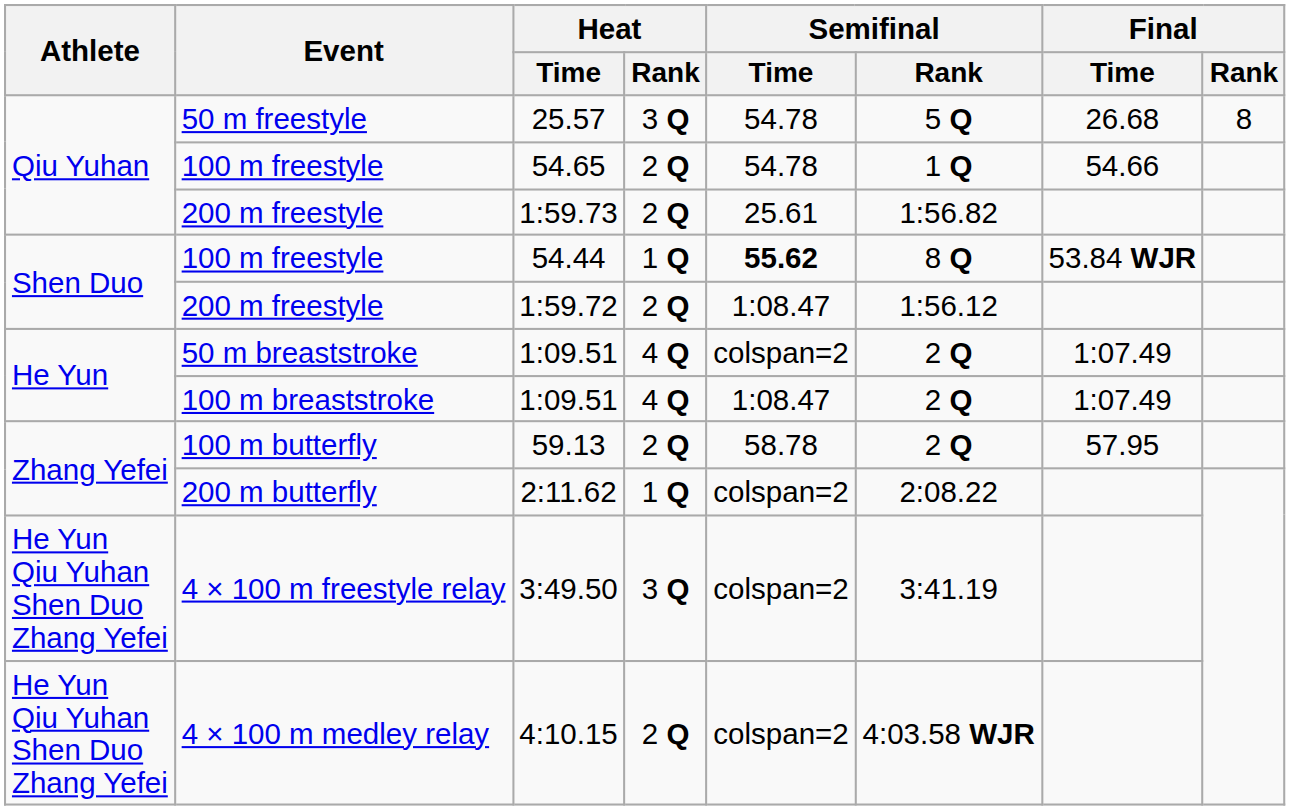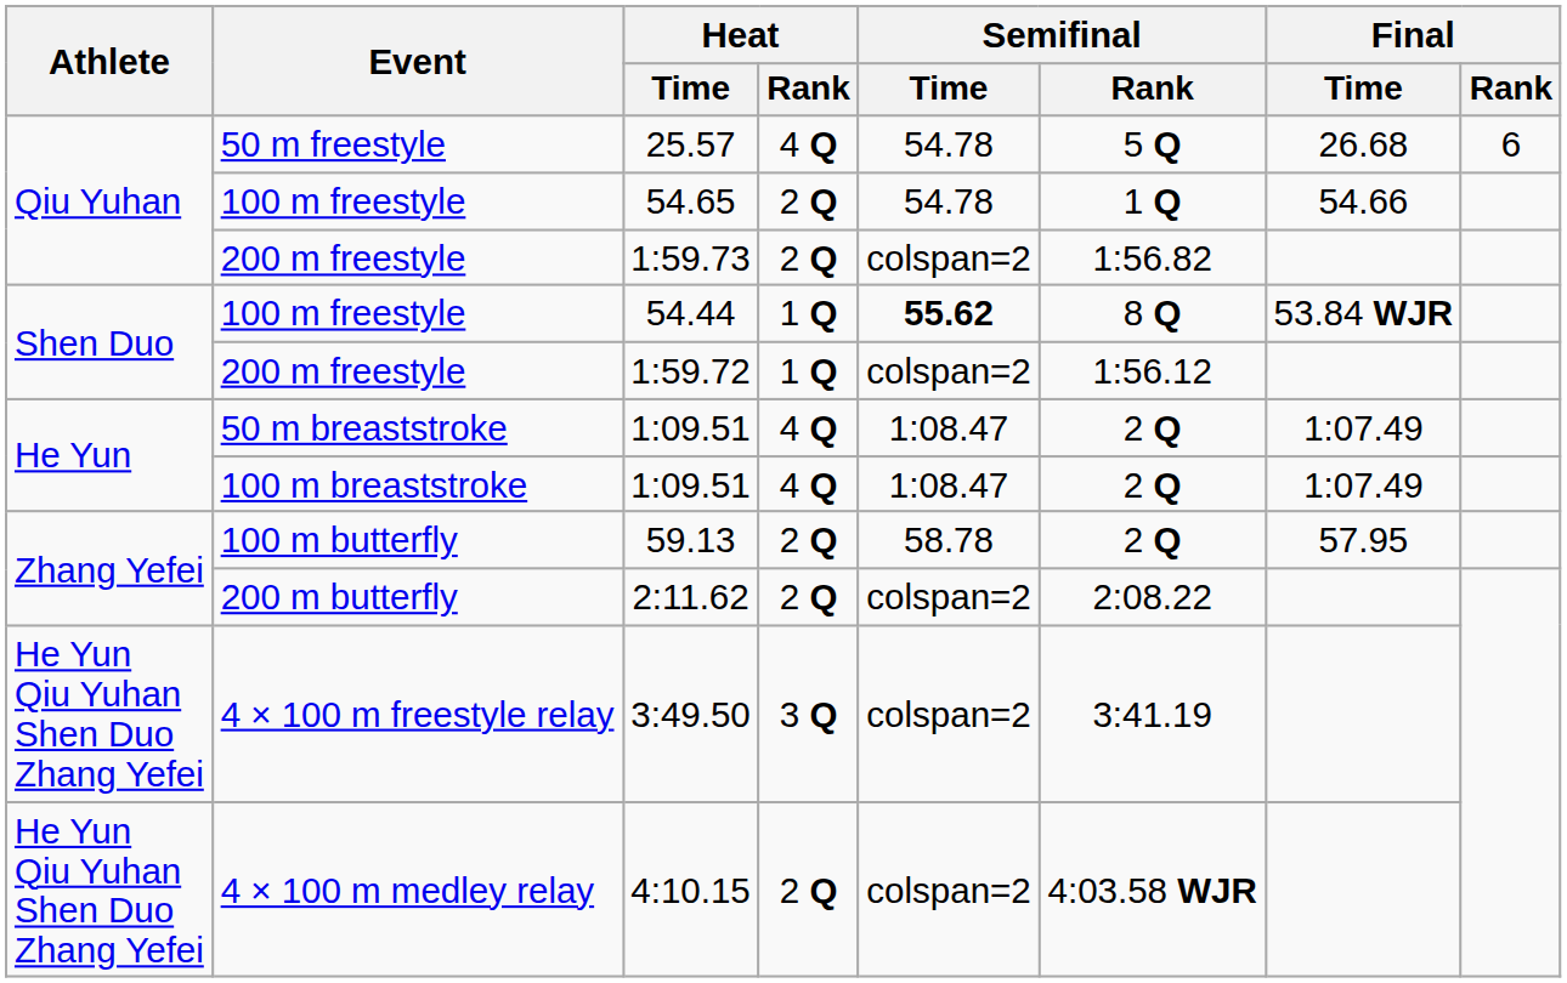 <table class=wikitable style="font-size:90%">
 <tr>
 <th rowspan=2>Athlete</th>
 <th rowspan=2>Event</th>
 <th colspan="2">Heat</th>
 <th colspan="2">Semifinal</th>
 <th colspan="2">Final</th>
 </tr>
 <tr style="font-size:95%">
 <th>Time</th>
 <th>Rank</th>
 <th>Time</th>
 <th>Rank</th>
 <th>Time</th>
 <th>Rank</th>
 </tr>
 <tr align=center>
 <td align=left rowspan=3><a href='#'>Qiu Yuhan</a></td>
 <td align=left><a href='#'>50 m freestyle</a></td>
 <td>25.57</td>
-<td>3 <strong>Q</strong></td>
+<td>4 <strong>Q</strong></td>
 <td>54.78</td>
 <td>5 <strong>Q</strong></td>
 <td>26.68</td>
-<td>8</td>
+<td>6</td>
 </tr>
 <tr align=center>
 <td align=left><a href='#'>100 m freestyle</a></td>
 <td>54.65</td>
 <td>2 <strong>Q</strong></td>
 <td>54.78</td>
 <td>1 <strong>Q</strong></td>
 <td>54.66</td>
 <td></td>
 </tr>
 <tr align=center>
 <td align=left><a href='#'>200 m freestyle</a></td>
 <td>1:59.73</td>
 <td>2 <strong>Q</strong></td>
-<td>25.61</td>
+<td>colspan=2 </td>
 <td>1:56.82</td>
 <td></td>
 </tr>
 <tr align=center>
 <td align=left rowspan=2><a href='#'>Shen Duo</a></td>
 <td align=left><a href='#'>100 m freestyle</a></td>
 <td>54.44</td>
 <td>1 <strong>Q</strong></td>
 <td><strong>55.62</strong></td>
 <td>8 <strong>Q</strong></td>
 <td>53.84 <strong>WJR</strong></td>
 <td></td>
 </tr>
 <tr align=center>
 <td align=left><a href='#'>200 m freestyle</a></td>
 <td>1:59.72</td>
-<td>2 <strong>Q</strong></td>
-<td>1:08.47</td>
+<td>1 <strong>Q</strong></td>
+<td>colspan=2 </td>
 <td>1:56.12</td>
 <td></td>
 </tr>
 <tr align=center>
 <td align=left rowspan=2><a href='#'>He Yun</a></td>
 <td align=left><a href='#'>50 m breaststroke</a></td>
 <td>1:09.51</td>
 <td>4 <strong>Q</strong></td>
-<td>colspan=2 </td>
+<td>1:08.47</td>
 <td>2 <strong>Q</strong></td>
 <td>1:07.49</td>
 <td></td>
 </tr>
 <tr align=center>
 <td align=left><a href='#'>100 m breaststroke</a></td>
 <td>1:09.51</td>
 <td>4 <strong>Q</strong></td>
 <td>1:08.47</td>
 <td>2 <strong>Q</strong></td>
 <td>1:07.49</td>
 <td></td>
 </tr>
 <tr align=center>
 <td align=left rowspan=2><a href='#'>Zhang Yefei</a></td>
 <td align=left><a href='#'>100 m butterfly</a></td>
 <td>59.13</td>
 <td>2 <strong>Q</strong></td>
 <td>58.78</td>
 <td>2 <strong>Q</strong></td>
 <td>57.95</td>
 <td></td>
 </tr>
 <tr align=center>
 <td align=left><a href='#'>200 m butterfly</a></td>
 <td>2:11.62</td>
-<td>1 <strong>Q</strong></td>
+<td>2 <strong>Q</strong></td>
 <td>colspan=2 </td>
 <td>2:08.22</td>
 <td></td>
 </tr>
 <tr align=center>
 <td align=left><a href='#'>He Yun</a><br><a href='#'>Qiu Yuhan</a><br><a href='#'>Shen Duo</a><br><a href='#'>Zhang Yefei</a></td>
 <td align=left><a href='#'>4 × 100 m freestyle relay</a></td>
 <td>3:49.50</td>
 <td>3 <strong>Q</strong></td>
 <td>colspan=2 </td>
 <td>3:41.19</td>
 <td></td>
 </tr>
 <tr align=center>
 <td align=left><a href='#'>He Yun</a><br><a href='#'>Qiu Yuhan</a><br><a href='#'>Shen Duo</a><br><a href='#'>Zhang Yefei</a></td>
 <td align=left><a href='#'>4 × 100 m medley relay</a></td>
 <td>4:10.15</td>
 <td>2 <strong>Q</strong></td>
 <td>colspan=2 </td>
 <td>4:03.58 <strong>WJR</strong></td>
 <td></td>
 </tr>
 </table>
